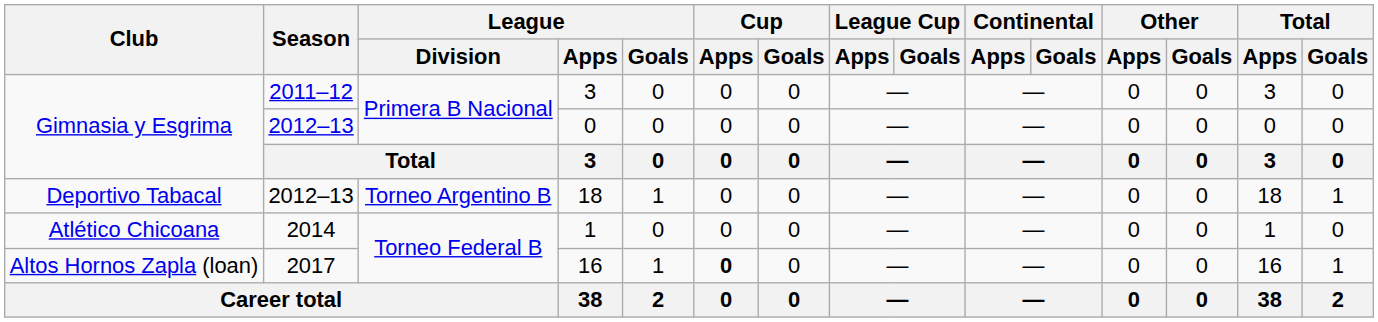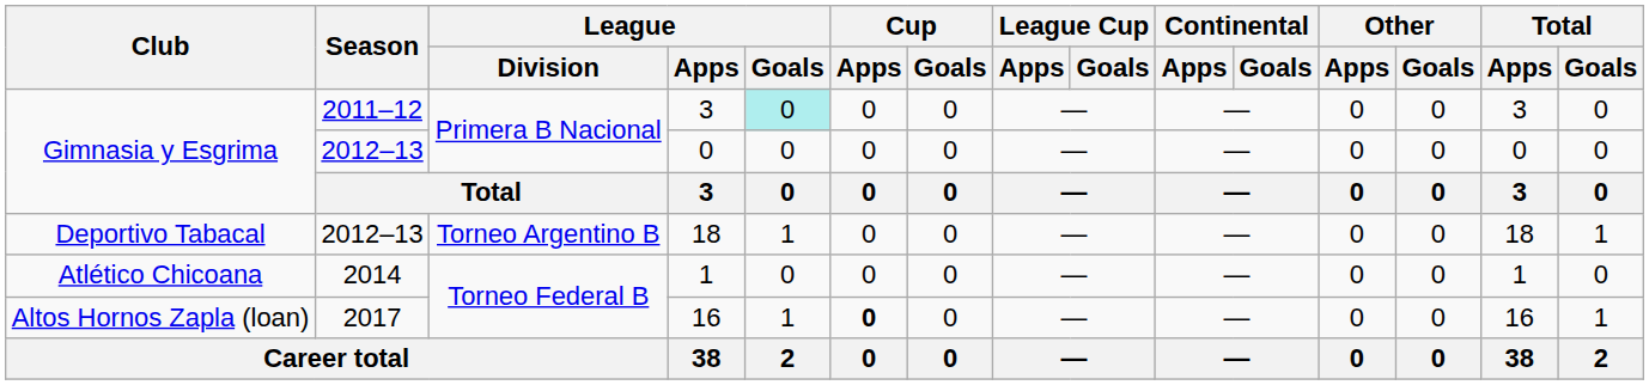 <table class="wikitable" style="text-align:center">
 <tr>
 <th rowspan="2">Club</th>
 <th rowspan="2">Season</th>
 <th colspan="3">League</th>
 <th colspan="2">Cup</th>
 <th colspan="2">League Cup</th>
 <th colspan="2">Continental</th>
 <th colspan="2">Other</th>
 <th colspan="2">Total</th>
 </tr>
 <tr>
 <th>Division</th>
 <th>Apps</th>
 <th>Goals</th>
 <th>Apps</th>
 <th>Goals</th>
 <th>Apps</th>
 <th>Goals</th>
 <th>Apps</th>
 <th>Goals</th>
 <th>Apps</th>
 <th>Goals</th>
 <th>Apps</th>
 <th>Goals</th>
 </tr>
 <tr>
 <td rowspan="3"><a href='#'>Gimnasia y Esgrima</a></td>
 <td><a href='#'>2011–12</a></td>
 <td rowspan="2"><a href='#'>Primera B Nacional</a></td>
 <td>3</td>
-<td>0</td>
+<td style="background: paleturquoise;">0</td>
 <td>0</td>
 <td>0</td>
 <td colspan="2">—</td>
 <td colspan="2">—</td>
 <td>0</td>
 <td>0</td>
 <td>3</td>
 <td>0</td>
 </tr>
 <tr>
 <td><a href='#'>2012–13</a></td>
 <td>0</td>
 <td>0</td>
 <td>0</td>
 <td>0</td>
 <td colspan="2">—</td>
 <td colspan="2">—</td>
 <td>0</td>
 <td>0</td>
 <td>0</td>
 <td>0</td>
 </tr>
 <tr>
 <th colspan="2">Total</th>
 <th>3</th>
 <th>0</th>
 <th>0</th>
 <th>0</th>
 <th colspan="2">—</th>
 <th colspan="2">—</th>
 <th>0</th>
 <th>0</th>
 <th>3</th>
 <th>0</th>
 </tr>
 <tr>
 <td rowspan="1"><a href='#'>Deportivo Tabacal</a></td>
 <td>2012–13</td>
 <td rowspan="1"><a href='#'>Torneo Argentino B</a></td>
 <td>18</td>
 <td>1</td>
 <td>0</td>
 <td>0</td>
 <td colspan="2">—</td>
 <td colspan="2">—</td>
 <td>0</td>
 <td>0</td>
 <td>18</td>
 <td>1</td>
 </tr>
 <tr>
 <td rowspan="1"><a href='#'>Atlético Chicoana</a></td>
 <td>2014</td>
 <td rowspan="2"><a href='#'>Torneo Federal B</a></td>
 <td>1</td>
 <td>0</td>
 <td>0</td>
 <td>0</td>
 <td colspan="2">—</td>
 <td colspan="2">—</td>
 <td>0</td>
 <td>0</td>
 <td>1</td>
 <td>0</td>
 </tr>
 <tr>
 <td rowspan="1"><a href='#'>Altos Hornos Zapla</a> (loan)</td>
 <td>2017</td>
 <td>16</td>
 <td>1</td>
 <td><strong>0</strong></td>
 <td>0</td>
 <td colspan="2">—</td>
 <td colspan="2">—</td>
 <td>0</td>
 <td>0</td>
 <td>16</td>
 <td>1</td>
 </tr>
 <tr>
 <th colspan="3">Career total</th>
 <th>38</th>
 <th>2</th>
 <th>0</th>
 <th>0</th>
 <th colspan="2">—</th>
 <th colspan="2">—</th>
 <th>0</th>
 <th>0</th>
 <th>38</th>
 <th>2</th>
 </tr>
 </table>
